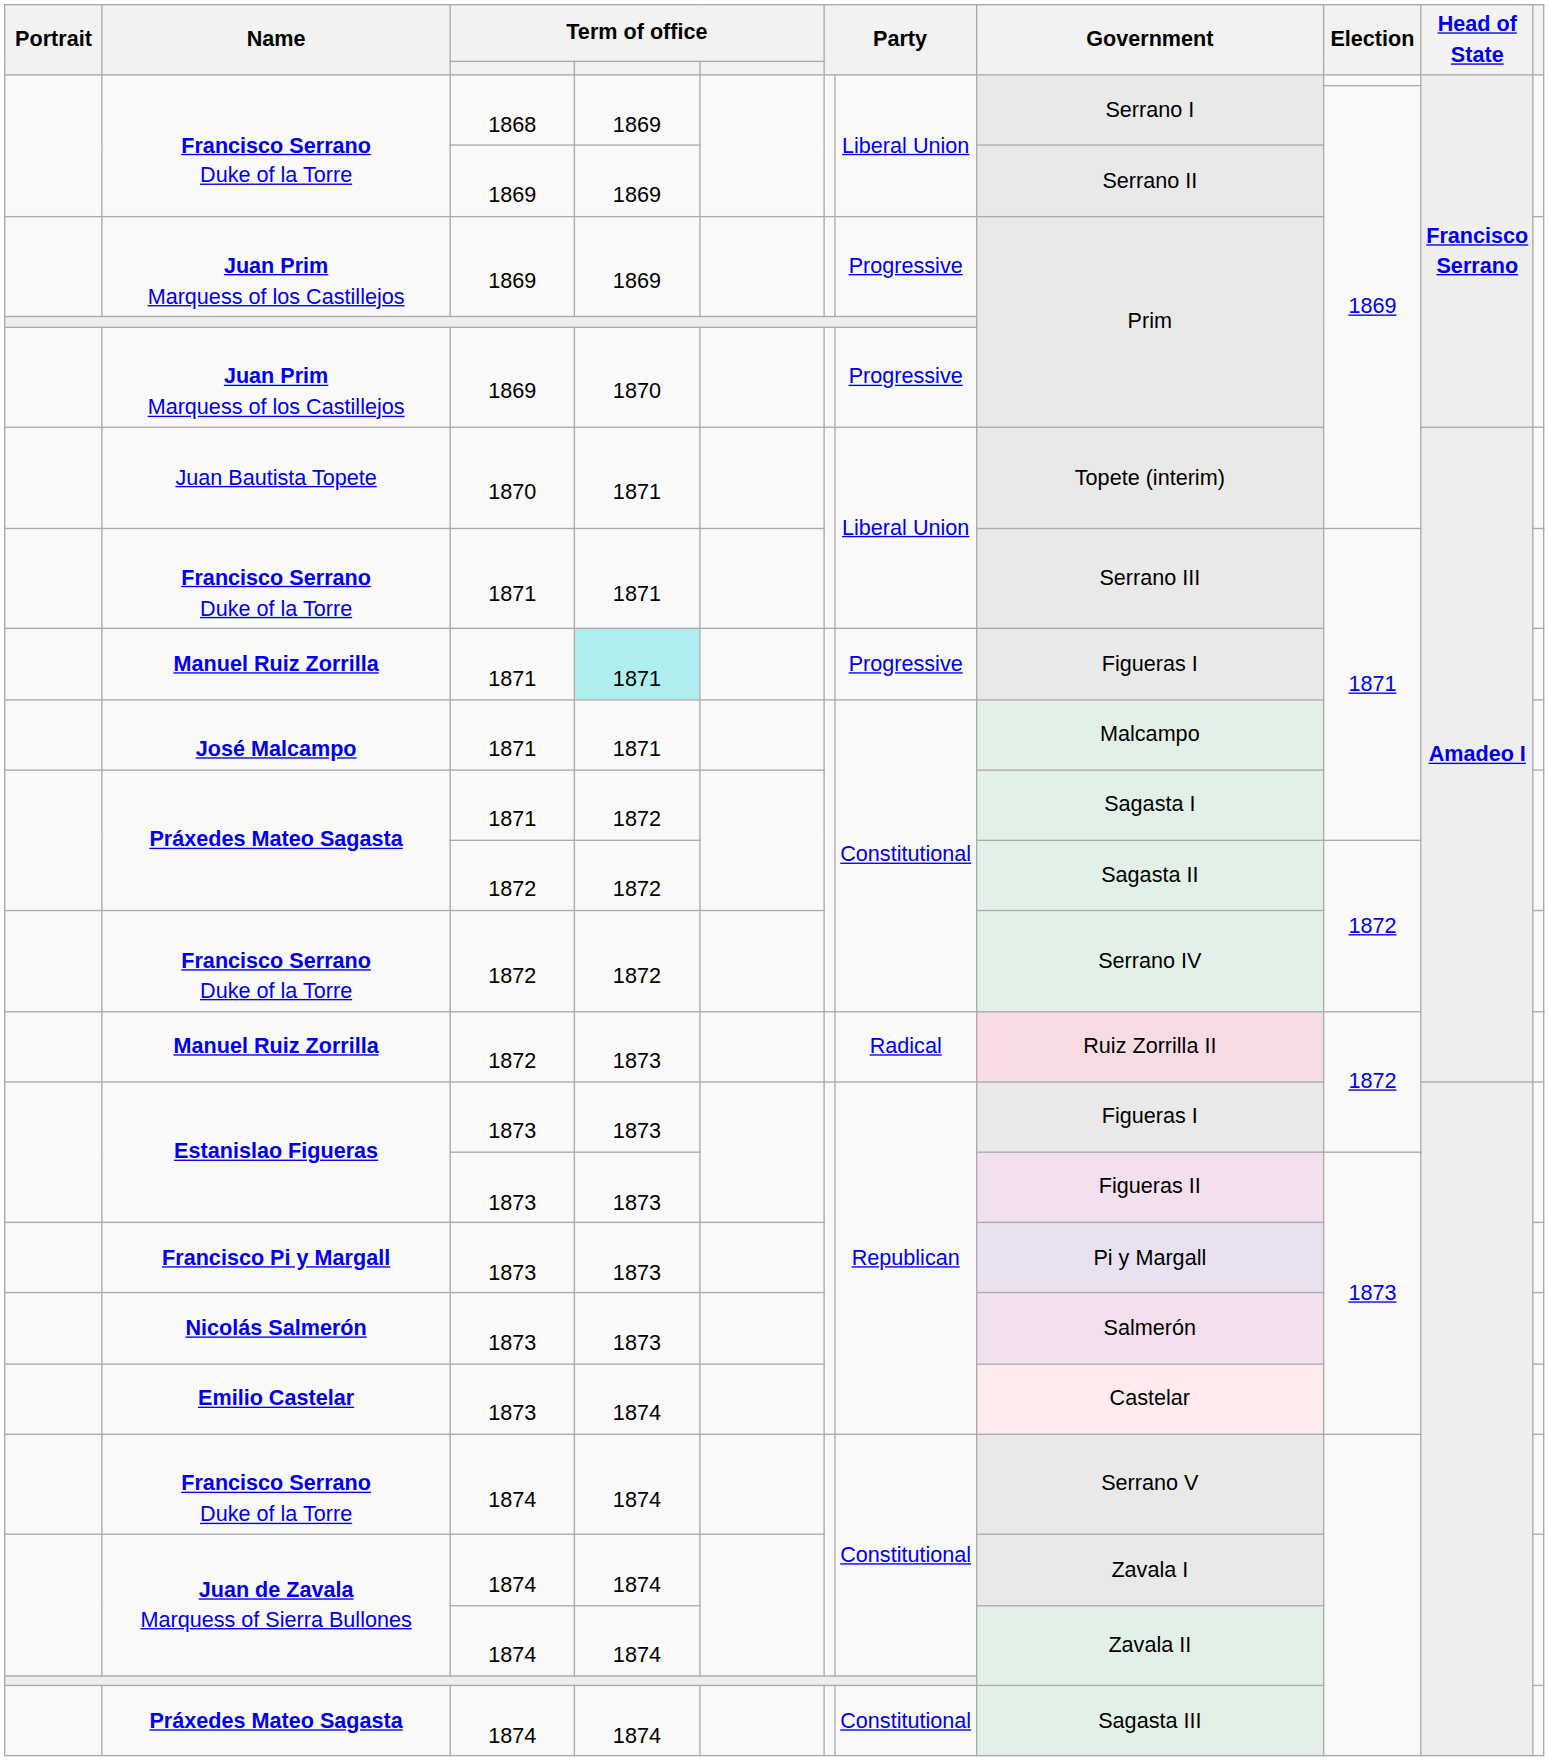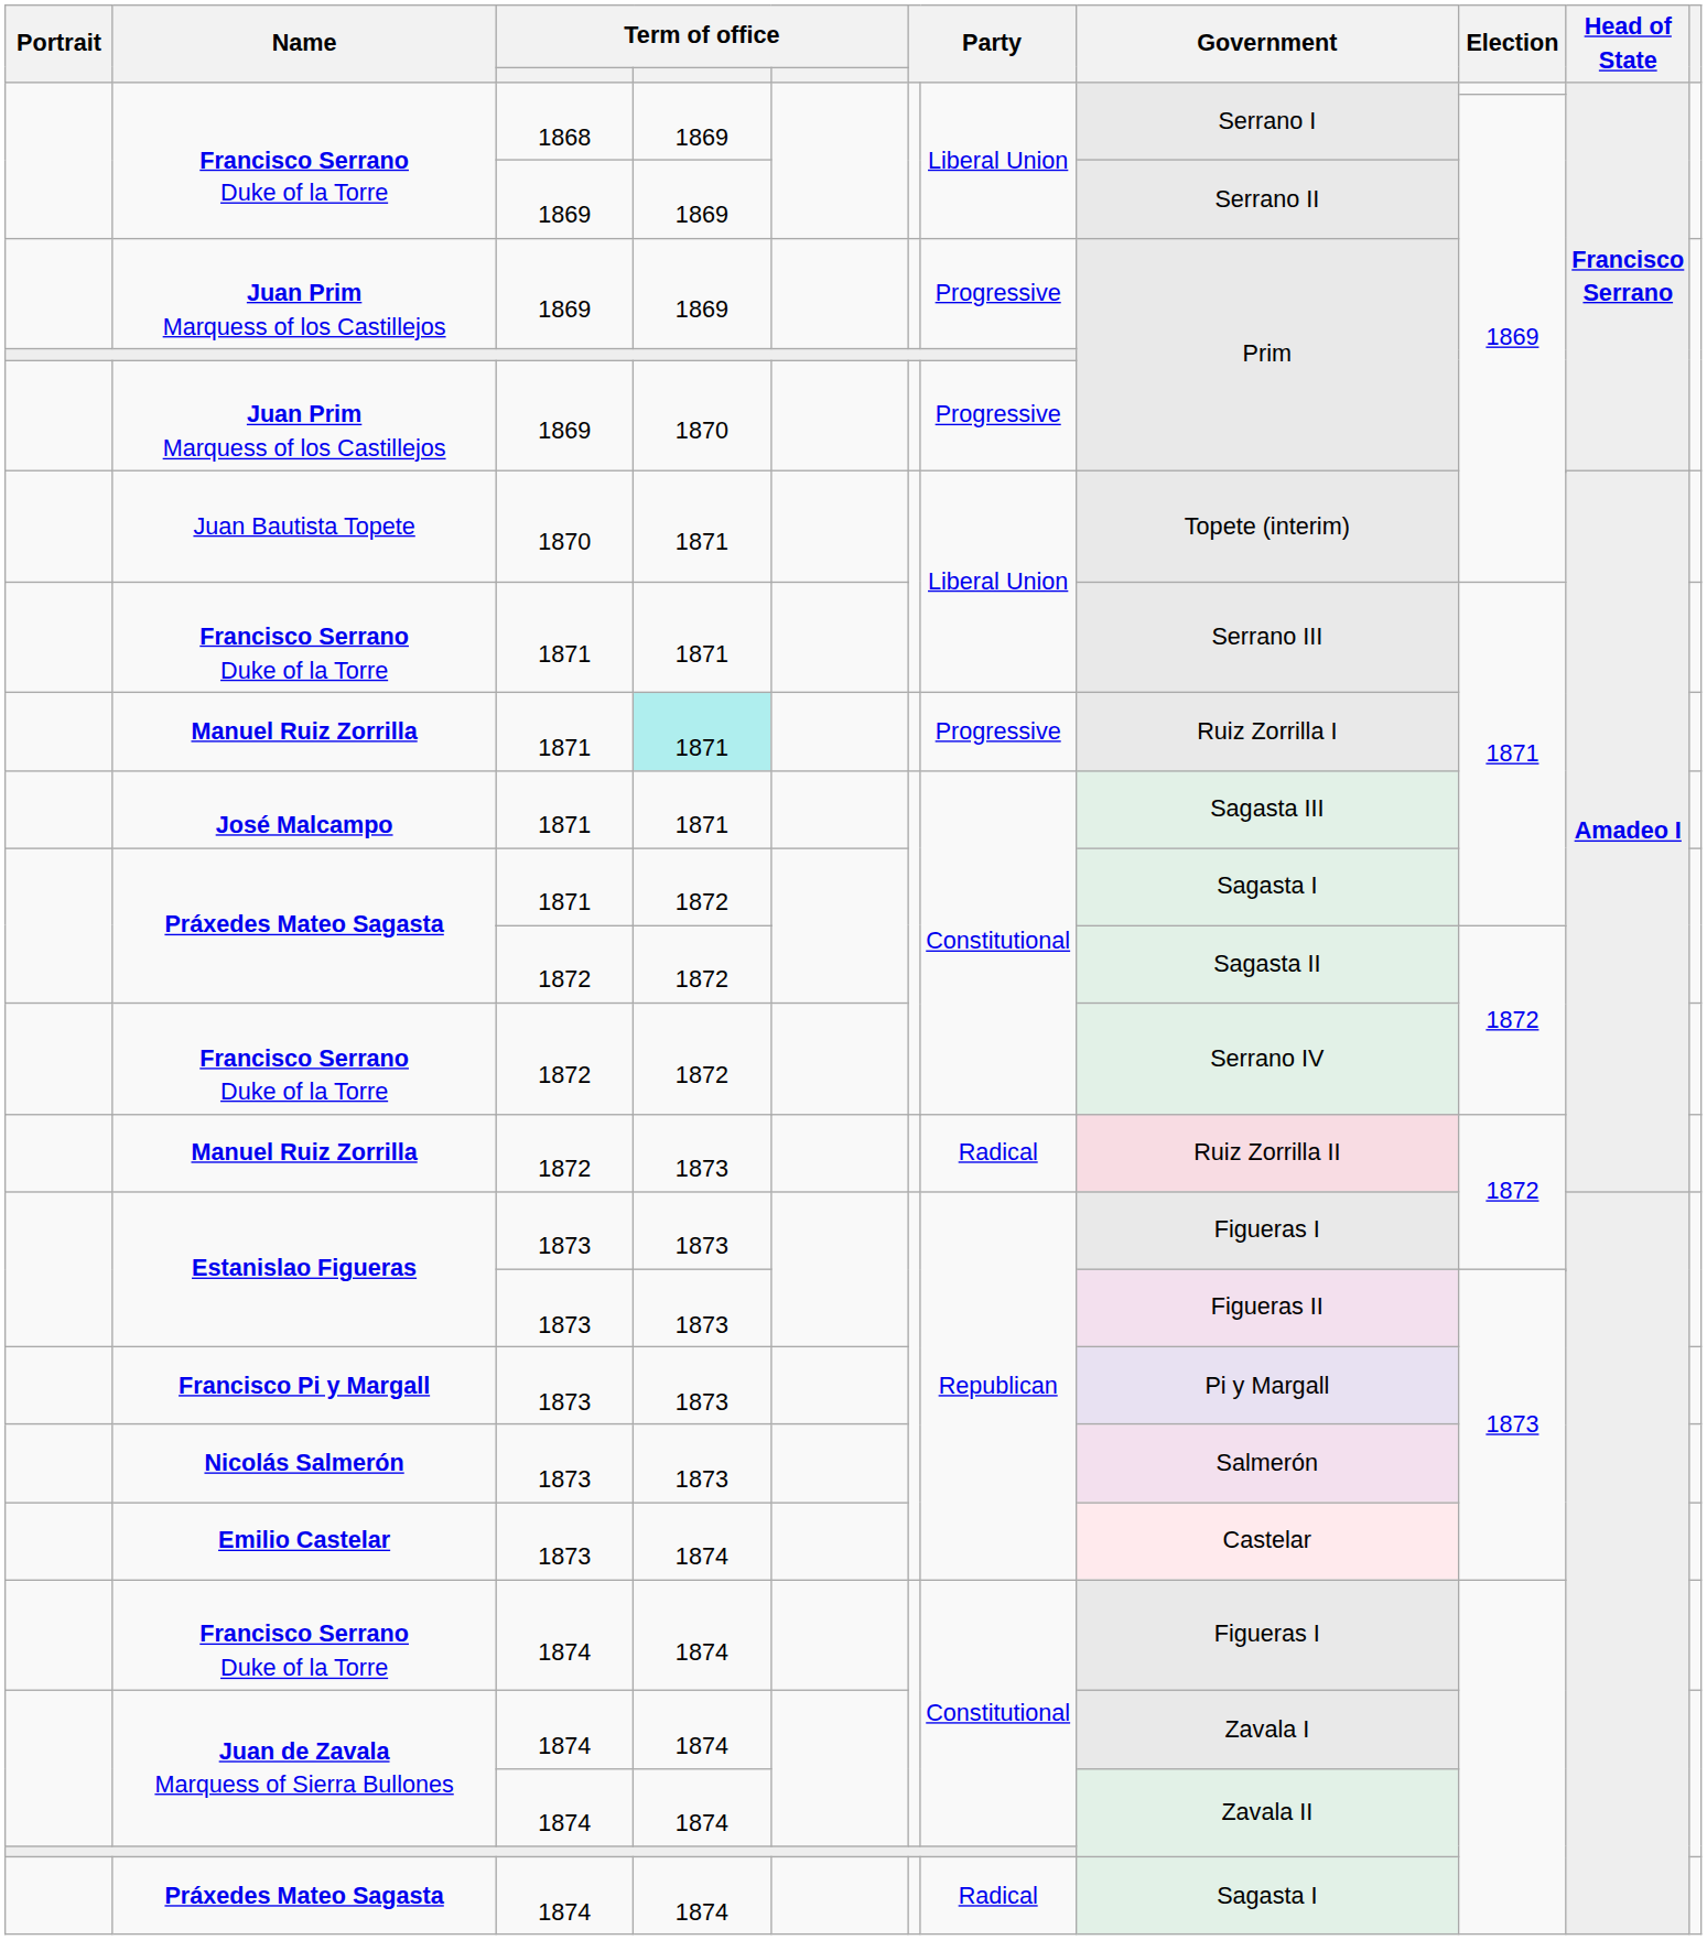 <table class="wikitable" style="line-height:1.4em; text-align:center; border:1px #aaf solid;">
 <tr>
 <th rowspan="2" width="65">Portrait</th>
 <th rowspan="2" width="250">Name<br></th>
 <th colspan="3">Term of office</th>
 <th rowspan="2" colspan="2" width="90">Party</th>
 <th rowspan="2" width="250">Government<br></th>
 <th rowspan="2" width="65">Election</th>
 <th rowspan="2" width="75"><a href='#'>Head of State</a><br></th>
 <th rowspan="2"></th>
 </tr>
 <tr>
 <th width="85"></th>
 <th width="85"></th>
 <th width="85"></th>
 </tr>
 <tr>
 <td rowspan="3"></td>
 <td rowspan="3"><br><a href='#'><strong>Francisco Serrano</strong><br>Duke of la Torre</a><br></td>
 <td rowspan="2" class="nowrap"><br>1868</td>
 <td rowspan="2" class="nowrap"><br>1869</td>
 <td rowspan="3" style="font-size:95%;"></td>
 <td rowspan="3" style="color:inherit;background:"></td>
 <td rowspan="3"><a href='#'>Liberal Union</a></td>
 <td rowspan="2" style="background:#E9E9E9;">Serrano I<br></td>
 <td style="color:#ccc;"></td>
 <td scope="row" style="text-align:center;" rowspan="7" bgcolor="#EEEEEE"><br><strong><a href='#'>Francisco<br>Serrano</a></strong><br><br></td>
 <td rowspan="3"><br><br></td>
 </tr>
 <tr>
 <td rowspan="8"><a href='#'>1869</a></td>
 </tr>
 <tr>
 <td class="nowrap"><br>1869</td>
 <td class="nowrap"><br>1869</td>
 <td style="background:#E9E9E9;">Serrano II<br></td>
 </tr>
 <tr>
 <td></td>
 <td><br><a href='#'><strong>Juan Prim</strong><br>Marquess of los Castillejos</a><br></td>
 <td class="nowrap"><br>1869</td>
 <td class="nowrap"><br>1869</td>
 <td style="font-size:95%;"></td>
 <td style="color:inherit;background:"></td>
 <td><a href='#'>Progressive</a></td>
 <td rowspan="3" style="background:#E9E9E9;">Prim<br></td>
 <td rowspan="3"><br><br><br></td>
 </tr>
 <tr>
 <td colspan="7" style="background:#EEEEEE;"></td>
 </tr>
 <tr>
 <td></td>
 <td><br><a href='#'><strong>Juan Prim</strong><br>Marquess of los Castillejos</a><br></td>
 <td class="nowrap"><br>1869</td>
 <td class="nowrap"><br>1870<br></td>
 <td style="font-size:95%;"></td>
 <td style="color:inherit;background:"></td>
 <td><a href='#'>Progressive</a></td>
 </tr>
 <tr>
 <td rowspan="2"></td>
 <td rowspan="2"><br><a href='#'>Juan Bautista Topete</a><br><br></td>
 <td rowspan="2" class="nowrap"><br>1870</td>
 <td rowspan="2" class="nowrap"><br>1871</td>
 <td rowspan="2" style="font-size:90%;"></td>
 <td rowspan="4" style="color:inherit;background:"></td>
 <td rowspan="4"><a href='#'>Liberal Union</a></td>
 <td rowspan="2" style="background:#E9E9E9;">Topete (interim)<br></td>
 <td rowspan="2"><br></td>
 </tr>
 <tr>
 <td scope="row" style="text-align:center;" rowspan="11" bgcolor="#EEEEEE"><br><strong><a href='#'>Amadeo I</a></strong><br><br></td>
 </tr>
 <tr>
 <td rowspan="2"></td>
 <td rowspan="2"><br><a href='#'><strong>Francisco Serrano</strong><br>Duke of la Torre</a><br></td>
 <td rowspan="2" class="nowrap"><br>1871</td>
 <td rowspan="2" class="nowrap"><br>1871</td>
 <td rowspan="2" style="font-size:95%;"></td>
 <td rowspan="2" style="background:#E9E9E9;">Serrano III<br></td>
 <td rowspan="2"><br></td>
 </tr>
 <tr>
 <td rowspan="5"><a href='#'>1871</a></td>
 </tr>
 <tr>
 <td></td>
 <td><strong><a href='#'>Manuel Ruiz Zorrilla</a></strong><br></td>
 <td class="nowrap"><br>1871</td>
 <td class="nowrap" style="background: paleturquoise;"><br>1871</td>
 <td style="font-size:95%;"></td>
 <td style="color:inherit;background:"></td>
 <td><a href='#'>Progressive</a></td>
-<td style="background:#E9E9E9;">Figueras I<br></td>
+<td style="background:#E9E9E9;">Ruiz Zorrilla I<br></td>
 <td><br></td>
 </tr>
 <tr>
 <td></td>
 <td><br><strong><a href='#'>José Malcampo</a></strong><br></td>
 <td class="nowrap"><br>1871</td>
 <td class="nowrap"><br>1871</td>
 <td style="font-size:95%;"></td>
 <td rowspan="5" style="color:inherit;background:"></td>
 <td rowspan="5"><a href='#'>Constitutional</a></td>
-<td style="background:#E2F1E7;">Malcampo<br></td>
+<td style="background:#E2F1E7;">Sagasta III<br></td>
 <td><br></td>
 </tr>
 <tr>
 <td rowspan="3"></td>
 <td rowspan="3"><strong><a href='#'>Práxedes Mateo Sagasta</a></strong><br></td>
 <td class="nowrap"><br>1871</td>
 <td class="nowrap"><br>1872</td>
 <td rowspan="3" style="font-size:95%;"></td>
 <td style="background:#E2F1E7;">Sagasta I<br></td>
 <td rowspan="3"><br><br></td>
 </tr>
 <tr>
 <td rowspan="2" class="nowrap"><br>1872</td>
 <td rowspan="2" class="nowrap"><br>1872</td>
 <td rowspan="2" style="background:#E2F1E7;">Sagasta II<br></td>
 </tr>
 <tr>
 <td rowspan="3"><a href='#'> 1872</a></td>
 </tr>
 <tr>
 <td></td>
 <td><br><a href='#'><strong>Francisco Serrano</strong><br>Duke of la Torre</a><br></td>
 <td class="nowrap"><br>1872</td>
 <td class="nowrap"><br>1872</td>
 <td style="font-size:95%;"></td>
 <td style="background:#E2F1E7;">Serrano IV<br></td>
 <td><br></td>
 </tr>
 <tr>
 <td rowspan="2"></td>
 <td rowspan="2"><strong><a href='#'>Manuel Ruiz Zorrilla</a></strong><br></td>
 <td rowspan="2" class="nowrap"><br>1872</td>
 <td rowspan="2" class="nowrap"><br>1873</td>
 <td rowspan="2" style="font-size:95%;"></td>
 <td rowspan="2" style="color:inherit;background:"></td>
 <td rowspan="2"><a href='#'>Radical</a></td>
 <td rowspan="2" style="background:#F8DCE3;">Ruiz Zorrilla II<br></td>
 <td rowspan="2"><br></td>
 </tr>
 <tr>
 <td rowspan="3"><a href='#'> 1872</a></td>
 </tr>
 <tr>
 <td rowspan="3" width="65"></td>
 <td rowspan="3"><strong><a href='#'>Estanislao Figueras</a></strong><br></td>
 <td class="nowrap"><br>1873</td>
 <td class="nowrap"><br>1873</td>
 <td rowspan="3" style="font-size:95%;"></td>
 <td rowspan="6" width="1" style="color:inherit;background:"></td>
 <td rowspan="6" width="90"><a href='#'>Republican</a></td>
 <td style="background:#E9E9E9;">Figueras I<br></td>
 <td scope="row" style="text-align:center;" rowspan="11" bgcolor="#EEEEEE"><br><br></td>
 <td rowspan="3"><br><br></td>
 </tr>
 <tr>
 <td rowspan="2" class="nowrap"><br>1873</td>
 <td rowspan="2" class="nowrap"><br>1873</td>
 <td rowspan="2" style="background:#F3E0EE;">Figueras II<br></td>
 </tr>
 <tr>
 <td rowspan="4"><a href='#'>1873</a></td>
 </tr>
 <tr>
 <td></td>
 <td><strong><a href='#'>Francisco Pi y Margall</a></strong><br></td>
 <td class="nowrap"><br>1873</td>
 <td class="nowrap"><br>1873</td>
 <td style="font-size:95%;"></td>
 <td style="background:#E8E1F2;">Pi y Margall<br></td>
 <td><br></td>
 </tr>
 <tr>
 <td></td>
 <td><strong><a href='#'>Nicolás Salmerón</a></strong><br></td>
 <td class="nowrap"><br>1873</td>
 <td class="nowrap"><br>1873</td>
 <td style="font-size:95%;"></td>
 <td style="background:#F3E0EE;">Salmerón<br></td>
 <td><br></td>
 </tr>
 <tr>
 <td></td>
 <td><strong><a href='#'>Emilio Castelar</a></strong><br></td>
 <td class="nowrap"><br>1873</td>
 <td class="nowrap"><br>1874</td>
 <td style="font-size:95%;"></td>
 <td style="background:#FFEAED;">Castelar<br></td>
 <td><br></td>
 </tr>
 <tr>
 <td></td>
 <td><br><a href='#'><strong>Francisco Serrano</strong><br>Duke of la Torre</a><br></td>
 <td class="nowrap"><br>1874</td>
 <td class="nowrap"><br>1874</td>
 <td style="font-size:95%;"></td>
 <td rowspan="3" style="color:inherit;background:"></td>
 <td rowspan="3"><a href='#'>Constitutional</a></td>
-<td style="background:#E9E9E9;">Serrano V<br></td>
+<td style="background:#E9E9E9;">Figueras I<br></td>
 <td rowspan="5" style="color:#ccc;"></td>
 <td><br></td>
 </tr>
 <tr>
 <td rowspan="2"></td>
 <td rowspan="2"><a href='#'><strong>Juan de Zavala</strong><br>Marquess of Sierra Bullones</a><br></td>
 <td class="nowrap"><br>1874</td>
 <td class="nowrap"><br>1874</td>
 <td rowspan="2" style="font-size:95%;"></td>
 <td style="background:#E9E9E9;">Zavala I<br></td>
 <td rowspan="3"><br><br><br><br></td>
 </tr>
 <tr>
 <td class="nowrap"><br>1874</td>
 <td class="nowrap"><br>1874</td>
 <td rowspan="2" style="background:#E2F1E7;">Zavala II<br></td>
 </tr>
 <tr>
 <td colspan="7" style="background:#EEEEEE;"></td>
 </tr>
 <tr>
 <td></td>
 <td><strong><a href='#'>Práxedes Mateo Sagasta</a></strong><br></td>
 <td class="nowrap"><br>1874</td>
 <td class="nowrap"><br>1874</td>
 <td style="font-size:95%;"></td>
 <td style="color:inherit;background:"></td>
-<td><a href='#'>Constitutional</a></td>
-<td style="background:#E2F1E7;">Sagasta III<br></td>
+<td><a href='#'>Radical</a></td>
+<td style="background:#E2F1E7;">Sagasta I<br></td>
 <td><br></td>
 </tr>
 </table>
